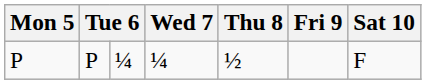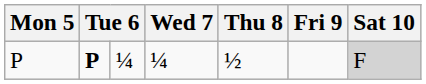 <table class="wikitable olympic-schedule table-tennis">
 <tr>
 <th>Mon 5</th>
 <th colspan="2">Tue 6</th>
 <th>Wed 7</th>
 <th>Thu 8</th>
 <th>Fri 9</th>
 <th>Sat 10</th>
 </tr>
 <tr>
 <td class="prelims">P</td>
-<td class="prelims">P</td>
+<td class="prelims"><strong>P</strong></td>
 <td class="quarterfinals">¼</td>
 <td class="quarterfinals">¼</td>
 <td class="semifinals">½</td>
 <td></td>
-<td class="final">F</td>
+<td class="final" style="background: lightgrey;">F</td>
 </tr>
 </table>
